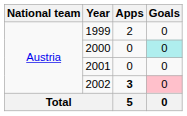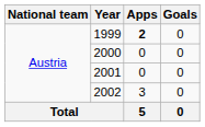 <table class="wikitable" style="text-align:center">
 <tr>
 <th>National team</th>
 <th>Year</th>
 <th>Apps</th>
 <th>Goals</th>
 </tr>
 <tr>
 <td rowspan="4"><a href='#'>Austria</a></td>
 <td>1999</td>
-<td>2</td>
+<td><strong>2</strong></td>
 <td>0</td>
 </tr>
 <tr>
 <td>2000</td>
 <td>0</td>
-<td style="background: paleturquoise;">0</td>
+<td>0</td>
 </tr>
 <tr>
 <td>2001</td>
 <td>0</td>
 <td>0</td>
 </tr>
 <tr>
 <td>2002</td>
-<td><strong>3</strong></td>
-<td style="background: pink;">0</td>
+<td>3</td>
+<td>0</td>
 </tr>
 <tr>
 <th colspan="2">Total</th>
 <th>5</th>
 <th>0</th>
 </tr>
 </table>
